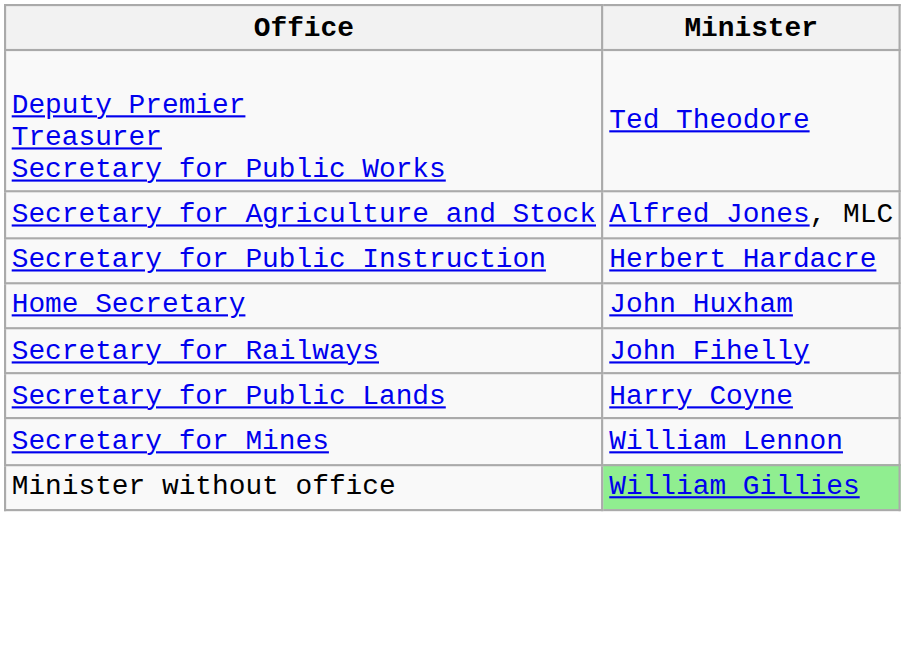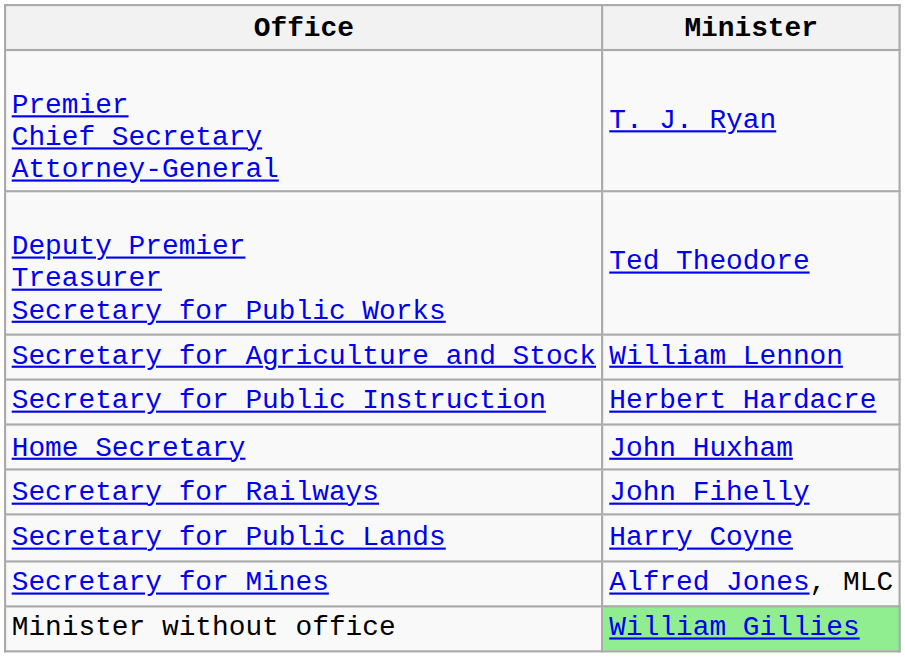 <table class="wikitable">
 <tr>
 <th>Office</th>
 <th>Minister</th>
+</tr>
+<tr>
+<td><br><a href='#'>Premier</a><br> <a href='#'>Chief Secretary</a><br> <a href='#'>Attorney-General</a><br></td>
+<td><a href='#'>T. J. Ryan</a></td>
 </tr>
 <tr>
 <td><br><a href='#'>Deputy Premier</a><br> <a href='#'>Treasurer</a><br> <a href='#'>Secretary for Public Works</a></td>
 <td><a href='#'>Ted Theodore</a></td>
 </tr>
 <tr>
 <td><a href='#'>Secretary for Agriculture and Stock</a><br></td>
-<td><a href='#'>Alfred Jones</a>, MLC</td>
+<td><a href='#'>William Lennon</a></td>
 </tr>
 <tr>
 <td><a href='#'>Secretary for Public Instruction</a><br></td>
 <td><a href='#'>Herbert Hardacre</a></td>
 </tr>
 <tr>
 <td><a href='#'>Home Secretary</a></td>
 <td><a href='#'>John Huxham</a></td>
 </tr>
 <tr>
 <td><a href='#'>Secretary for Railways</a></td>
 <td><a href='#'>John Fihelly</a></td>
 </tr>
 <tr>
 <td><a href='#'>Secretary for Public Lands</a></td>
 <td><a href='#'>Harry Coyne</a></td>
 </tr>
 <tr>
 <td><a href='#'>Secretary for Mines</a></td>
-<td><a href='#'>William Lennon</a></td>
+<td><a href='#'>Alfred Jones</a>, MLC</td>
 </tr>
 <tr>
 <td>Minister without office</td>
 <td style="background: lightgreen;"><a href='#'>William Gillies</a></td>
 </tr>
 </table>
